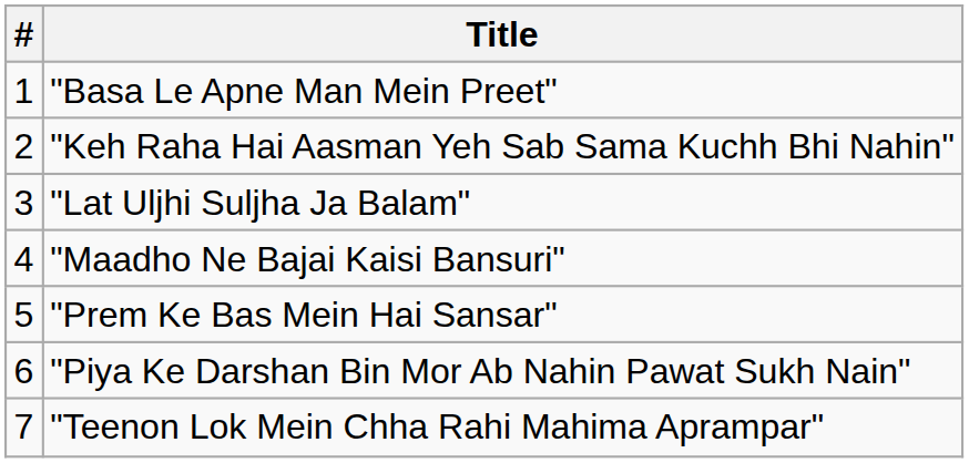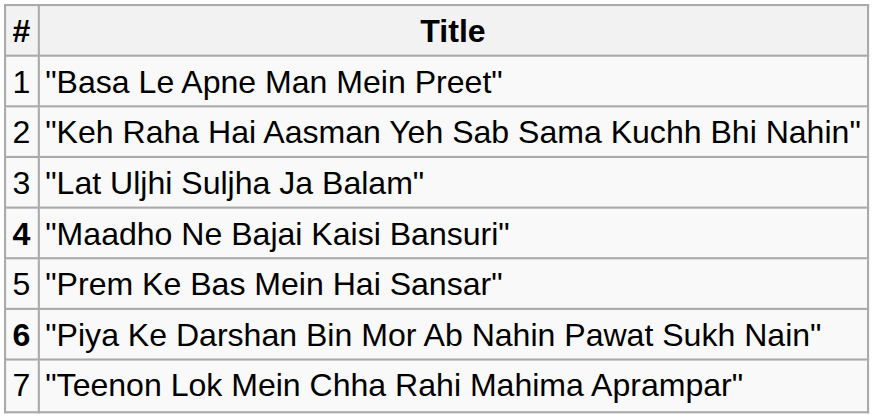 <table class="wikitable" style="font-size:95%;">
 <tr>
 <th>#</th>
 <th>Title</th>
 </tr>
 <tr>
 <td>1</td>
 <td>"Basa Le Apne Man Mein Preet"</td>
 </tr>
 <tr>
 <td>2</td>
 <td>"Keh Raha Hai Aasman Yeh Sab Sama Kuchh Bhi Nahin"</td>
 </tr>
 <tr>
 <td>3</td>
 <td>"Lat Uljhi Suljha Ja Balam"</td>
 </tr>
 <tr>
-<td>4</td>
+<td><strong>4</strong></td>
 <td>"Maadho Ne Bajai Kaisi Bansuri"</td>
 </tr>
 <tr>
 <td>5</td>
 <td>"Prem Ke Bas Mein Hai Sansar"</td>
 </tr>
 <tr>
-<td>6</td>
+<td><strong>6</strong></td>
 <td>"Piya Ke Darshan Bin Mor Ab Nahin Pawat Sukh Nain"</td>
 </tr>
 <tr>
 <td>7</td>
 <td>"Teenon Lok Mein Chha Rahi Mahima Aprampar"</td>
 </tr>
 </table>
